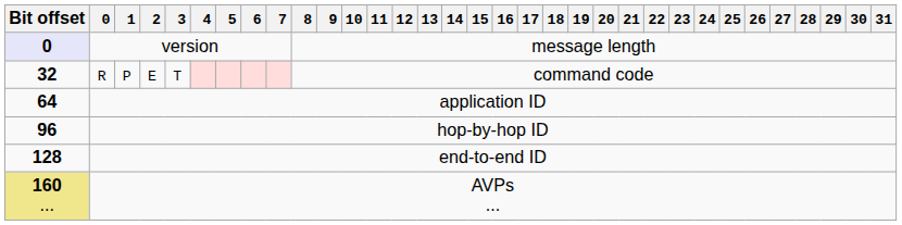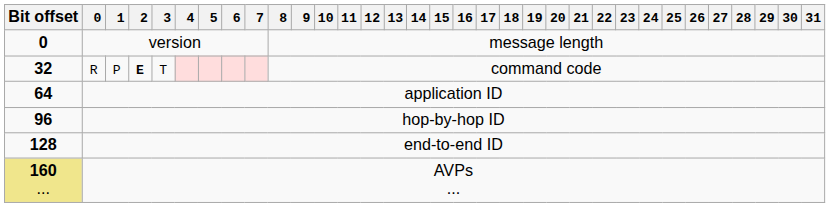 <table class="wikitable" style="text-align:center">
 <tr>
 <th>Bit offset</th>
 <th><code> 0</code></th>
 <th><code> 1</code></th>
 <th><code> 2</code></th>
 <th><code> 3</code></th>
 <th><code> 4</code></th>
 <th><code> 5</code></th>
 <th><code> 6</code></th>
 <th><code> 7</code></th>
 <th><code> 8</code></th>
 <th><code> 9</code></th>
 <th><code>10</code></th>
 <th><code>11</code></th>
 <th><code>12</code></th>
 <th><code>13</code></th>
 <th><code>14</code></th>
 <th><code>15</code></th>
 <th><code>16</code></th>
 <th><code>17</code></th>
 <th><code>18</code></th>
 <th><code>19</code></th>
 <th><code>20</code></th>
 <th><code>21</code></th>
 <th><code>22</code></th>
 <th><code>23</code></th>
 <th><code>24</code></th>
 <th><code>25</code></th>
 <th><code>26</code></th>
 <th><code>27</code></th>
 <th><code>28</code></th>
 <th><code>29</code></th>
 <th><code>30</code></th>
 <th><code>31</code></th>
 </tr>
 <tr>
-<td style="background: lavender;"><strong>0</strong></td>
+<td><strong>0</strong></td>
 <td colspan="8">version</td>
 <td colspan="24">message length</td>
 </tr>
 <tr>
 <td><strong>32</strong></td>
 <td cellpadding="1"><code>R</code></td>
 <td><code>P</code></td>
-<td><code>E</code></td>
+<td><strong><code>E</code></strong></td>
 <td><code>T</code></td>
 <td style="background:#fdd;"> </td>
 <td style="background:#fdd;"> </td>
 <td style="background:#fdd;"> </td>
 <td style="background:#fdd;"> </td>
 <td colspan="24">command code</td>
 </tr>
 <tr>
 <td><strong>64</strong></td>
 <td colspan="32">application ID</td>
 </tr>
 <tr>
 <td><strong>96</strong></td>
 <td colspan="32">hop-by-hop ID</td>
 </tr>
 <tr>
 <td><strong>128</strong></td>
 <td colspan="32">end-to-end ID</td>
 </tr>
 <tr>
 <td style="background: khaki;"><strong>160</strong><br>...</td>
 <td colspan="32">AVPs<br>...</td>
 </tr>
 </table>
